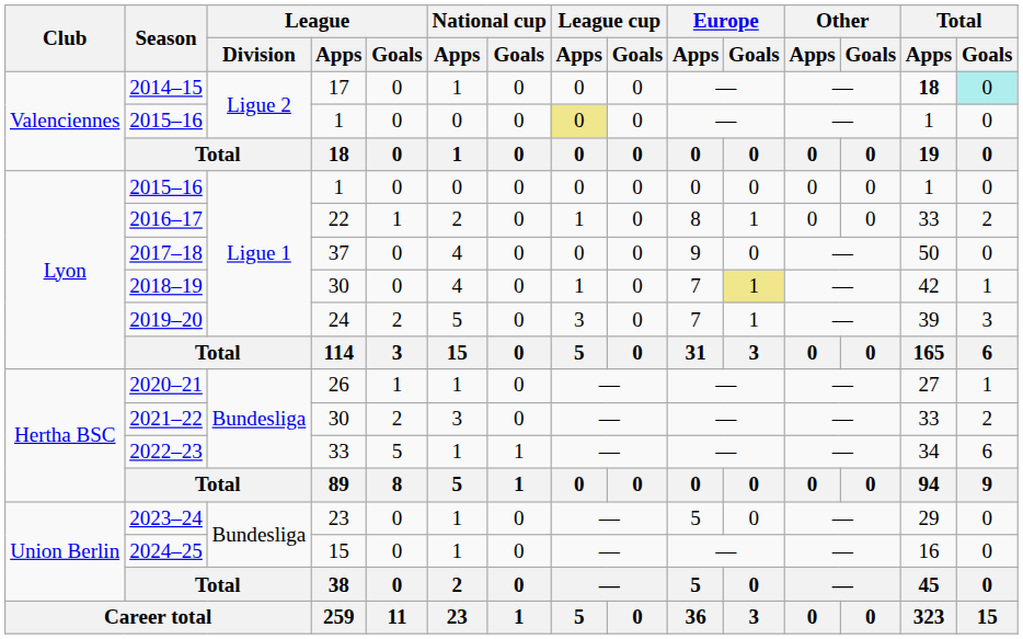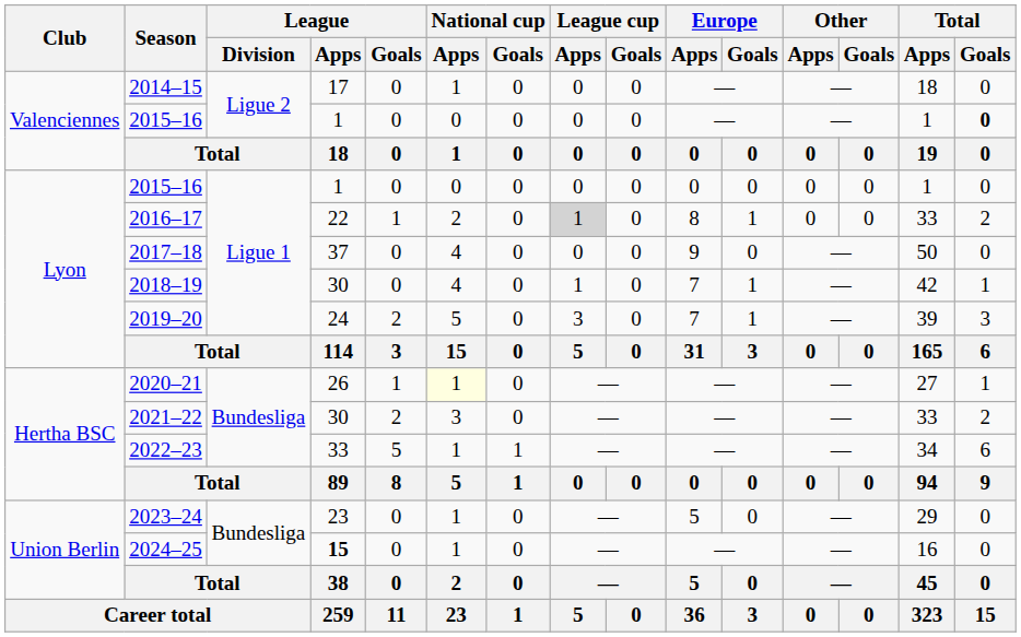 <table class="wikitable" style="text-align:center">
 <tr>
 <th rowspan="2">Club</th>
 <th rowspan="2">Season</th>
 <th colspan="3">League</th>
 <th colspan="2">National cup</th>
 <th colspan="2">League cup</th>
 <th colspan="2"><a href='#'>Europe</a></th>
 <th colspan="2">Other</th>
 <th colspan="2">Total</th>
 </tr>
 <tr>
 <th>Division</th>
 <th>Apps</th>
 <th>Goals</th>
 <th>Apps</th>
 <th>Goals</th>
 <th>Apps</th>
 <th>Goals</th>
 <th>Apps</th>
 <th>Goals</th>
 <th>Apps</th>
 <th>Goals</th>
 <th>Apps</th>
 <th>Goals</th>
 </tr>
 <tr>
 <td rowspan="3"><a href='#'>Valenciennes</a></td>
 <td><a href='#'>2014–15</a></td>
 <td rowspan="2"><a href='#'>Ligue 2</a></td>
 <td>17</td>
 <td>0</td>
 <td>1</td>
 <td>0</td>
 <td>0</td>
 <td>0</td>
 <td colspan="2">—</td>
 <td colspan="2">—</td>
-<td><strong>18</strong></td>
-<td style="background: paleturquoise;">0</td>
+<td>18</td>
+<td>0</td>
 </tr>
 <tr>
 <td><a href='#'>2015–16</a></td>
 <td>1</td>
 <td>0</td>
 <td>0</td>
 <td>0</td>
-<td style="background: khaki;">0</td>
+<td>0</td>
 <td>0</td>
 <td colspan="2">—</td>
 <td colspan="2">—</td>
 <td>1</td>
-<td>0</td>
+<td><strong>0</strong></td>
 </tr>
 <tr>
 <th colspan="2">Total</th>
 <th>18</th>
 <th>0</th>
 <th>1</th>
 <th>0</th>
 <th>0</th>
 <th>0</th>
 <th>0</th>
 <th>0</th>
 <th>0</th>
 <th>0</th>
 <th>19</th>
 <th>0</th>
 </tr>
 <tr>
 <td rowspan="6"><a href='#'>Lyon</a></td>
 <td><a href='#'>2015–16</a></td>
 <td rowspan="5"><a href='#'>Ligue 1</a></td>
 <td>1</td>
 <td>0</td>
 <td>0</td>
 <td>0</td>
 <td>0</td>
 <td>0</td>
 <td>0</td>
 <td>0</td>
 <td>0</td>
 <td>0</td>
 <td>1</td>
 <td>0</td>
 </tr>
 <tr>
 <td><a href='#'>2016–17</a></td>
 <td>22</td>
 <td>1</td>
 <td>2</td>
 <td>0</td>
-<td>1</td>
+<td style="background: lightgrey;">1</td>
 <td>0</td>
 <td>8</td>
 <td>1</td>
 <td>0</td>
 <td>0</td>
 <td>33</td>
 <td>2</td>
 </tr>
 <tr>
 <td><a href='#'>2017–18</a></td>
 <td>37</td>
 <td>0</td>
 <td>4</td>
 <td>0</td>
 <td>0</td>
 <td>0</td>
 <td>9</td>
 <td>0</td>
 <td colspan="2">—</td>
 <td>50</td>
 <td>0</td>
 </tr>
 <tr>
 <td><a href='#'>2018–19</a></td>
 <td>30</td>
 <td>0</td>
 <td>4</td>
 <td>0</td>
 <td>1</td>
 <td>0</td>
 <td>7</td>
-<td style="background: khaki;">1</td>
+<td>1</td>
 <td colspan="2">—</td>
 <td>42</td>
 <td>1</td>
 </tr>
 <tr>
 <td><a href='#'>2019–20</a></td>
 <td>24</td>
 <td>2</td>
 <td>5</td>
 <td>0</td>
 <td>3</td>
 <td>0</td>
 <td>7</td>
 <td>1</td>
 <td colspan="2">—</td>
 <td>39</td>
 <td>3</td>
 </tr>
 <tr>
 <th colspan="2">Total</th>
 <th>114</th>
 <th>3</th>
 <th>15</th>
 <th>0</th>
 <th>5</th>
 <th>0</th>
 <th>31</th>
 <th>3</th>
 <th>0</th>
 <th>0</th>
 <th>165</th>
 <th>6</th>
 </tr>
 <tr>
 <td rowspan="4"><a href='#'>Hertha BSC</a></td>
 <td><a href='#'>2020–21</a></td>
 <td rowspan="3"><a href='#'>Bundesliga</a></td>
 <td>26</td>
 <td>1</td>
-<td>1</td>
+<td style="background: lightyellow;">1</td>
 <td>0</td>
 <td colspan="2">—</td>
 <td colspan="2">—</td>
 <td colspan="2">—</td>
 <td>27</td>
 <td>1</td>
 </tr>
 <tr>
 <td><a href='#'>2021–22</a></td>
 <td>30</td>
 <td>2</td>
 <td>3</td>
 <td>0</td>
 <td colspan="2">—</td>
 <td colspan="2">—</td>
 <td colspan="2">—</td>
 <td>33</td>
 <td>2</td>
 </tr>
 <tr>
 <td><a href='#'>2022–23</a></td>
 <td>33</td>
 <td>5</td>
 <td>1</td>
 <td>1</td>
 <td colspan="2">—</td>
 <td colspan="2">—</td>
 <td colspan="2">—</td>
 <td>34</td>
 <td>6</td>
 </tr>
 <tr>
 <th colspan="2">Total</th>
 <th>89</th>
 <th>8</th>
 <th>5</th>
 <th>1</th>
 <th>0</th>
 <th>0</th>
 <th>0</th>
 <th>0</th>
 <th>0</th>
 <th>0</th>
 <th>94</th>
 <th>9</th>
 </tr>
 <tr>
 <td rowspan="3"><a href='#'>Union Berlin</a></td>
 <td><a href='#'>2023–24</a></td>
 <td rowspan="2">Bundesliga</td>
 <td>23</td>
 <td>0</td>
 <td>1</td>
 <td>0</td>
 <td colspan="2">—</td>
 <td>5</td>
 <td>0</td>
 <td colspan="2">—</td>
 <td>29</td>
 <td>0</td>
 </tr>
 <tr>
 <td><a href='#'>2024–25</a></td>
-<td>15</td>
+<td><strong>15</strong></td>
 <td>0</td>
 <td>1</td>
 <td>0</td>
 <td colspan="2">—</td>
 <td colspan="2">—</td>
 <td colspan="2">—</td>
 <td>16</td>
 <td>0</td>
 </tr>
 <tr>
 <th colspan="2">Total</th>
 <th>38</th>
 <th>0</th>
 <th>2</th>
 <th>0</th>
 <th colspan="2">—</th>
 <th>5</th>
 <th>0</th>
 <th colspan="2">—</th>
 <th>45</th>
 <th>0</th>
 </tr>
 <tr>
 <th colspan="3">Career total</th>
 <th>259</th>
 <th>11</th>
 <th>23</th>
 <th>1</th>
 <th>5</th>
 <th>0</th>
 <th>36</th>
 <th>3</th>
 <th>0</th>
 <th>0</th>
 <th>323</th>
 <th>15</th>
 </tr>
 </table>
